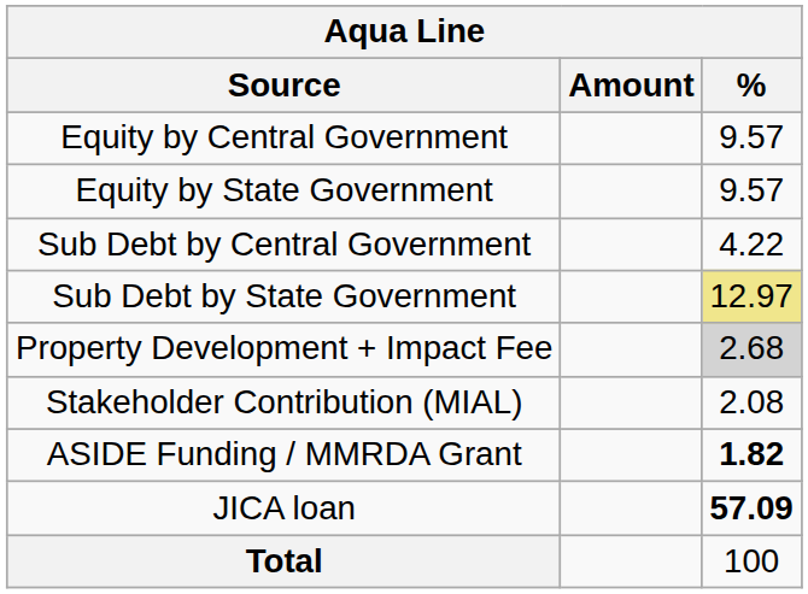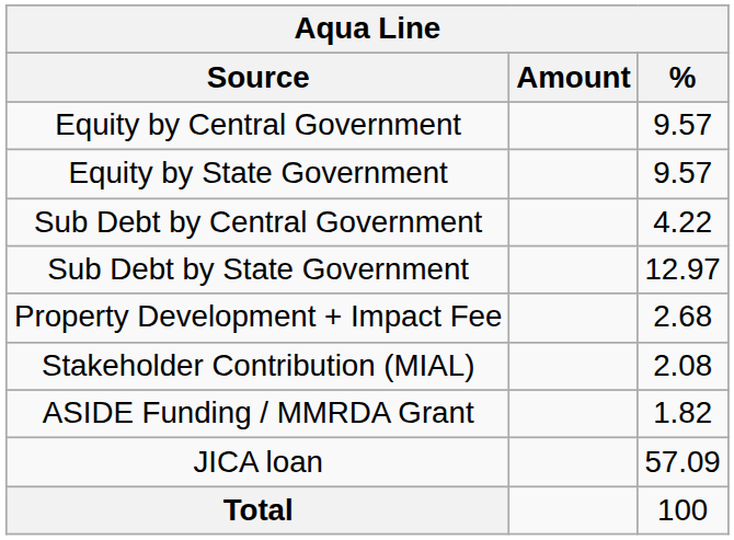 <table class="wikitable" style="text-align:center;margin:auto;">
 <tr>
 <th colspan="5" align="center" style="background:#"><span><strong>Aqua Line</strong></span></th>
 </tr>
 <tr>
 <th>Source</th>
 <th>Amount</th>
 <th>%</th>
 </tr>
 <tr>
 <td>Equity by Central Government</td>
 <td></td>
 <td>9.57</td>
 </tr>
 <tr>
 <td>Equity by State Government</td>
 <td></td>
 <td>9.57</td>
 </tr>
 <tr>
 <td>Sub Debt by Central Government</td>
 <td></td>
 <td>4.22</td>
 </tr>
 <tr>
 <td>Sub Debt by State Government</td>
 <td></td>
-<td style="background: khaki;">12.97</td>
+<td>12.97</td>
 </tr>
 <tr>
 <td>Property Development + Impact Fee</td>
 <td></td>
-<td style="background: lightgrey;">2.68</td>
+<td>2.68</td>
 </tr>
 <tr>
 <td>Stakeholder Contribution (MIAL)</td>
 <td></td>
 <td>2.08</td>
 </tr>
 <tr>
 <td>ASIDE Funding / MMRDA Grant</td>
 <td></td>
-<td><strong>1.82</strong></td>
+<td>1.82</td>
 </tr>
 <tr>
 <td>JICA loan</td>
 <td></td>
-<td><strong>57.09</strong></td>
+<td>57.09</td>
 </tr>
 <tr>
 <th>Total</th>
 <td></td>
 <td>100</td>
 </tr>
 </table>
